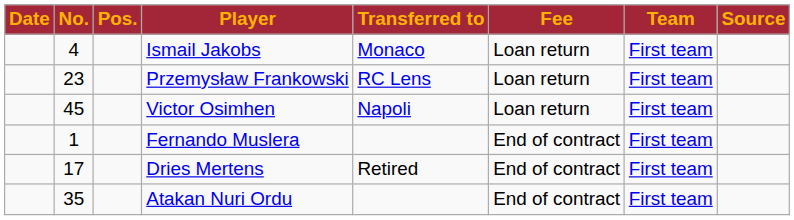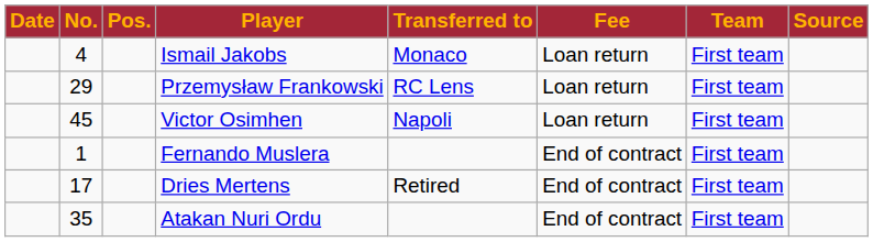 <table class="wikitable plainrowheaders sortable">
 <tr>
 <th style="background:#A32638; color:#FFB300; ">Date</th>
 <th style="background:#A32638; color:#FFB300; ">No.</th>
 <th style="background:#A32638; color:#FFB300; ">Pos.</th>
 <th style="background:#A32638; color:#FFB300; ">Player</th>
 <th style="background:#A32638; color:#FFB300; ">Transferred to</th>
 <th style="background:#A32638; color:#FFB300; ">Fee</th>
 <th style="background:#A32638; color:#FFB300; ">Team</th>
 <th style="background:#A32638; color:#FFB300; ">Source</th>
 </tr>
 <tr>
 <td></td>
 <td align=center>4</td>
 <td align=center></td>
 <td> <a href='#'>Ismail Jakobs</a></td>
 <td> <a href='#'>Monaco</a></td>
 <td>Loan return</td>
 <td><a href='#'>First team</a></td>
 <td align=center></td>
 </tr>
 <tr>
 <td></td>
-<td align=center>23</td>
+<td align=center>29</td>
 <td align=center></td>
 <td> <a href='#'>Przemysław Frankowski</a></td>
 <td> <a href='#'>RC Lens</a></td>
 <td>Loan return</td>
 <td><a href='#'>First team</a></td>
 <td align=center></td>
 </tr>
 <tr>
 <td></td>
 <td align=center>45</td>
 <td align=center></td>
 <td> <a href='#'>Victor Osimhen</a></td>
 <td> <a href='#'>Napoli</a></td>
 <td>Loan return</td>
 <td><a href='#'>First team</a></td>
 <td align=center></td>
 </tr>
 <tr>
 <td></td>
 <td align=center>1</td>
 <td align=center></td>
 <td> <a href='#'>Fernando Muslera</a></td>
 <td></td>
 <td>End of contract</td>
 <td><a href='#'>First team</a></td>
 <td align=center></td>
 </tr>
 <tr>
 <td></td>
 <td align=center>17</td>
 <td align=center></td>
 <td> <a href='#'>Dries Mertens</a></td>
 <td>Retired</td>
 <td>End of contract</td>
 <td><a href='#'>First team</a></td>
 <td align=center></td>
 </tr>
 <tr>
 <td></td>
 <td align=center>35</td>
 <td align=center></td>
 <td> <a href='#'>Atakan Nuri Ordu</a></td>
 <td></td>
 <td>End of contract</td>
 <td><a href='#'>First team</a></td>
 <td align=center></td>
 </tr>
 </table>
